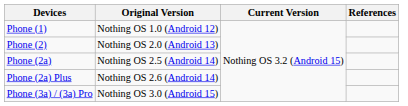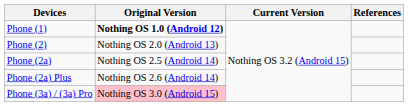 <table class="wikitable">
 <tr>
 <th>Devices</th>
 <th>Original Version</th>
 <th>Current Version</th>
 <th>References</th>
 </tr>
 <tr>
 <td><a href='#'>Phone (1)</a></td>
-<td>Nothing OS 1.0 (<a href='#'>Android 12</a>)</td>
+<td><strong>Nothing OS 1.0 (<a href='#'>Android 12</a>)</strong></td>
 <td rowspan="5">Nothing OS 3.2 (<a href='#'>Android 15</a>)</td>
 <td></td>
 </tr>
 <tr>
 <td><a href='#'>Phone (2)</a></td>
 <td>Nothing OS 2.0 (<a href='#'>Android 13</a>)</td>
 <td></td>
 </tr>
 <tr>
 <td><a href='#'>Phone (2a)</a></td>
 <td>Nothing OS 2.5 (<a href='#'>Android 14</a>)</td>
 <td></td>
 </tr>
 <tr>
 <td><a href='#'>Phone (2a) Plus</a></td>
 <td>Nothing OS 2.6 (<a href='#'>Android 14</a>)</td>
 <td></td>
 </tr>
 <tr>
 <td><a href='#'>Phone (3a) / (3a) Pro</a></td>
-<td>Nothing OS 3.0 (<a href='#'>Android 15</a>)</td>
+<td style="background: pink;">Nothing OS 3.0 (<a href='#'>Android 15</a>)</td>
 <td></td>
 </tr>
 </table>
